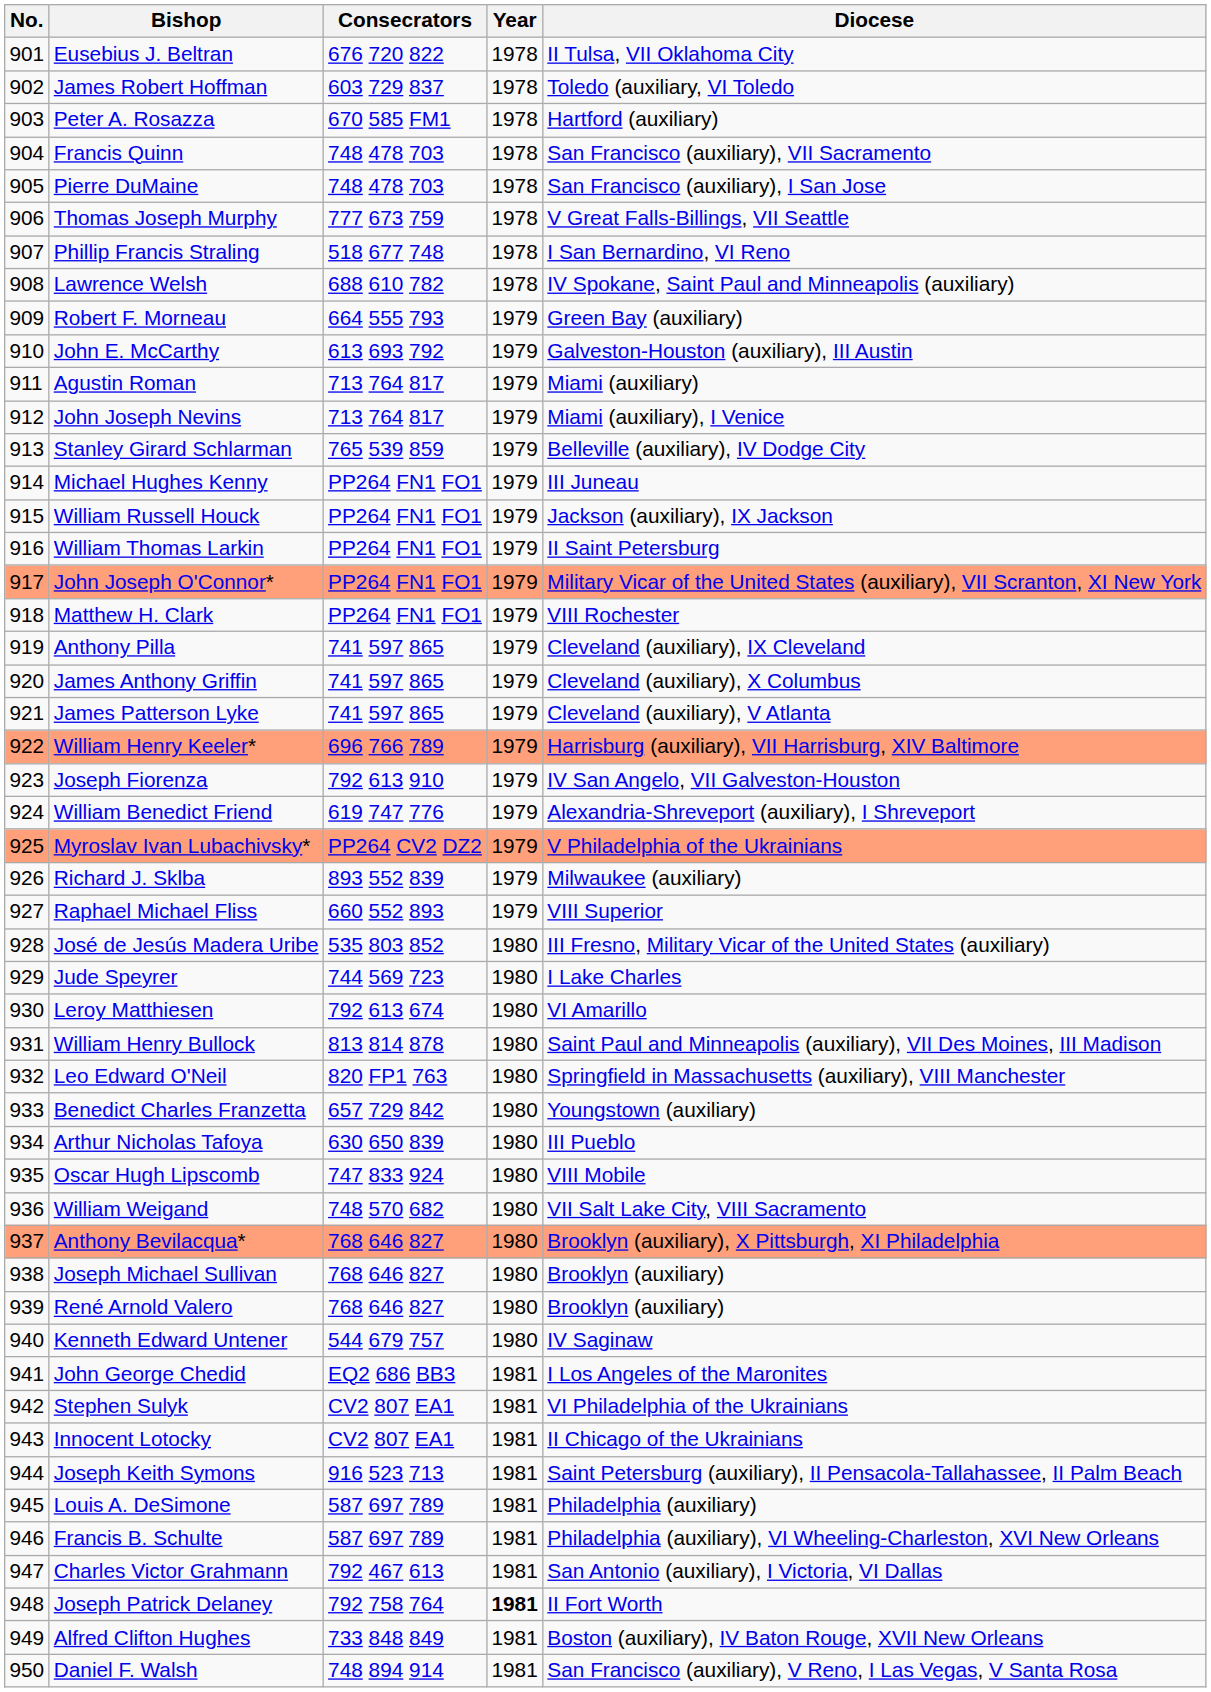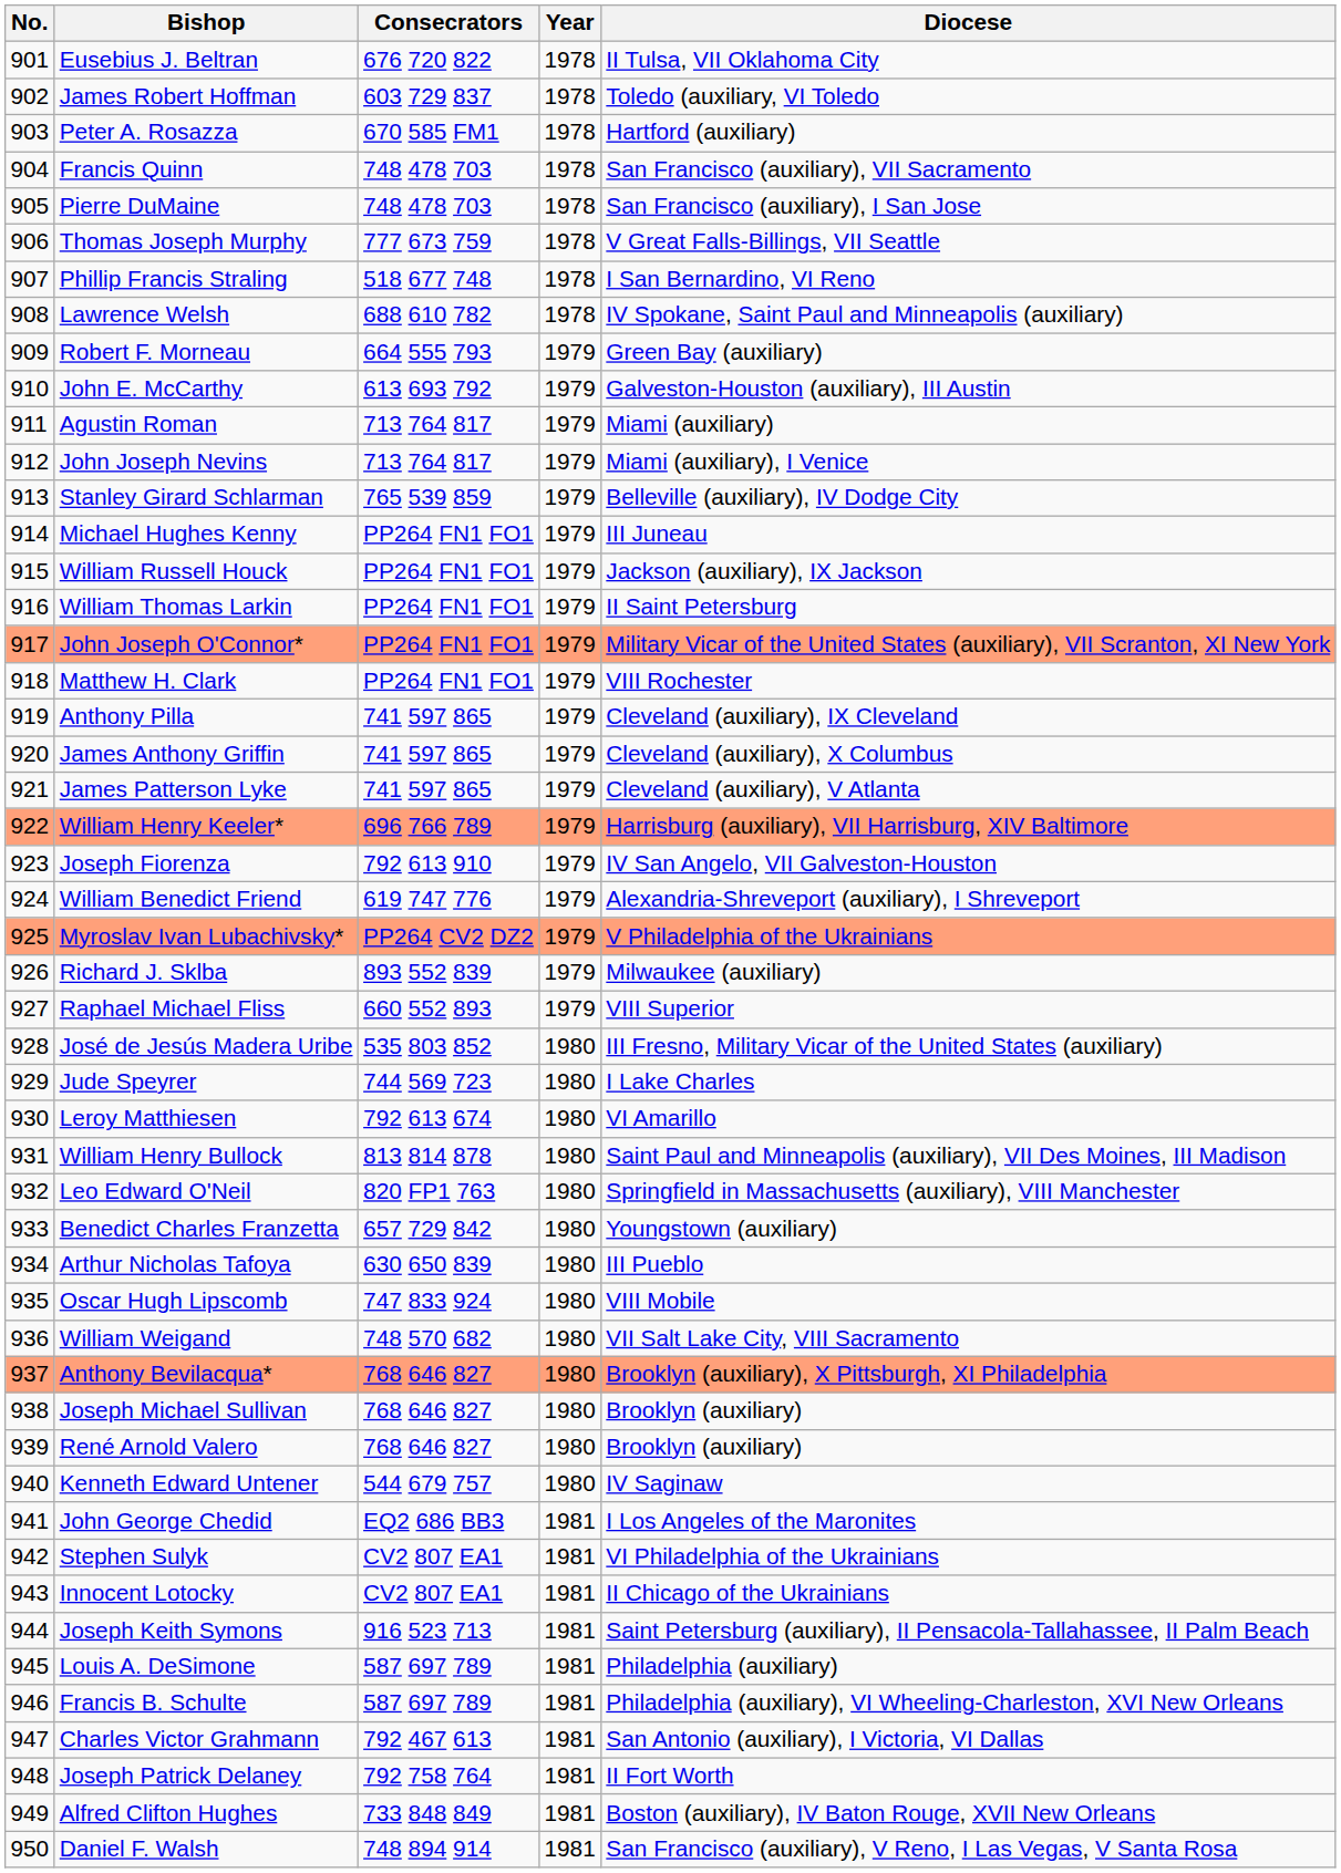 <table class="wikitable">
 <tr>
 <th>No.</th>
 <th>Bishop</th>
 <th>Consecrators</th>
 <th>Year</th>
 <th>Diocese</th>
 </tr>
 <tr>
 <td>901</td>
 <td><a href='#'>Eusebius J. Beltran</a></td>
 <td><a href='#'>676</a> <a href='#'>720</a> <a href='#'>822</a></td>
 <td>1978</td>
 <td><a href='#'>II Tulsa</a>, <a href='#'>VII Oklahoma City</a></td>
 </tr>
 <tr>
 <td>902</td>
 <td><a href='#'>James Robert Hoffman</a></td>
 <td><a href='#'>603</a> <a href='#'>729</a> <a href='#'>837</a></td>
 <td>1978</td>
 <td><a href='#'>Toledo</a> (auxiliary, <a href='#'>VI Toledo</a></td>
 </tr>
 <tr>
 <td>903</td>
 <td><a href='#'>Peter A. Rosazza</a></td>
 <td><a href='#'>670</a> <a href='#'>585</a> <a href='#'>FM1</a></td>
 <td>1978</td>
 <td><a href='#'>Hartford</a> (auxiliary)</td>
 </tr>
 <tr>
 <td>904</td>
 <td><a href='#'>Francis Quinn</a></td>
 <td><a href='#'>748</a> <a href='#'>478</a> <a href='#'>703</a></td>
 <td>1978</td>
 <td><a href='#'>San Francisco</a> (auxiliary), <a href='#'>VII Sacramento</a></td>
 </tr>
 <tr>
 <td>905</td>
 <td><a href='#'>Pierre DuMaine</a></td>
 <td><a href='#'>748</a> <a href='#'>478</a> <a href='#'>703</a></td>
 <td>1978</td>
 <td><a href='#'>San Francisco</a> (auxiliary), <a href='#'>I San Jose</a></td>
 </tr>
 <tr>
 <td>906</td>
 <td><a href='#'>Thomas Joseph Murphy</a></td>
 <td><a href='#'>777</a> <a href='#'>673</a> <a href='#'>759</a></td>
 <td>1978</td>
 <td><a href='#'>V Great Falls-Billings</a>, <a href='#'>VII Seattle</a></td>
 </tr>
 <tr>
 <td>907</td>
 <td><a href='#'>Phillip Francis Straling</a></td>
 <td><a href='#'>518</a> <a href='#'>677</a> <a href='#'>748</a></td>
 <td>1978</td>
 <td><a href='#'>I San Bernardino</a>, <a href='#'>VI Reno</a></td>
 </tr>
 <tr>
 <td>908</td>
 <td><a href='#'>Lawrence Welsh</a></td>
 <td><a href='#'>688</a> <a href='#'>610</a> <a href='#'>782</a></td>
 <td>1978</td>
 <td><a href='#'>IV Spokane</a>, <a href='#'>Saint Paul and Minneapolis</a> (auxiliary)</td>
 </tr>
 <tr>
 <td>909</td>
 <td><a href='#'>Robert F. Morneau</a></td>
 <td><a href='#'>664</a> <a href='#'>555</a> <a href='#'>793</a></td>
 <td>1979</td>
 <td><a href='#'>Green Bay</a> (auxiliary)</td>
 </tr>
 <tr>
 <td>910</td>
 <td><a href='#'>John E. McCarthy</a></td>
 <td><a href='#'>613</a> <a href='#'>693</a> <a href='#'>792</a></td>
 <td>1979</td>
 <td><a href='#'>Galveston-Houston</a> (auxiliary), <a href='#'>III Austin</a></td>
 </tr>
 <tr>
 <td>911</td>
 <td><a href='#'>Agustin Roman</a></td>
 <td><a href='#'>713</a> <a href='#'>764</a> <a href='#'>817</a></td>
 <td>1979</td>
 <td><a href='#'>Miami</a> (auxiliary)</td>
 </tr>
 <tr>
 <td>912</td>
 <td><a href='#'>John Joseph Nevins</a></td>
 <td><a href='#'>713</a> <a href='#'>764</a> <a href='#'>817</a></td>
 <td>1979</td>
 <td><a href='#'>Miami</a> (auxiliary), <a href='#'>I Venice</a></td>
 </tr>
 <tr>
 <td>913</td>
 <td><a href='#'>Stanley Girard Schlarman</a></td>
 <td><a href='#'>765</a> <a href='#'>539</a> <a href='#'>859</a></td>
 <td>1979</td>
 <td><a href='#'>Belleville</a> (auxiliary), <a href='#'>IV Dodge City</a></td>
 </tr>
 <tr>
 <td>914</td>
 <td><a href='#'>Michael Hughes Kenny</a></td>
 <td><a href='#'>PP264</a> <a href='#'>FN1</a> <a href='#'>FO1</a></td>
 <td>1979</td>
 <td><a href='#'>III Juneau</a></td>
 </tr>
 <tr>
 <td>915</td>
 <td><a href='#'>William Russell Houck</a></td>
 <td><a href='#'>PP264</a> <a href='#'>FN1</a> <a href='#'>FO1</a></td>
 <td>1979</td>
 <td><a href='#'>Jackson</a> (auxiliary), <a href='#'>IX Jackson</a></td>
 </tr>
 <tr>
 <td>916</td>
 <td><a href='#'>William Thomas Larkin</a></td>
 <td><a href='#'>PP264</a> <a href='#'>FN1</a> <a href='#'>FO1</a></td>
 <td>1979</td>
 <td><a href='#'>II Saint Petersburg</a></td>
 </tr>
 <tr bgcolor="#FFA07A">
 <td>917</td>
 <td><a href='#'>John Joseph O'Connor</a>*</td>
 <td><a href='#'>PP264</a> <a href='#'>FN1</a> <a href='#'>FO1</a></td>
 <td>1979</td>
 <td><a href='#'>Military Vicar of the United States</a> (auxiliary), <a href='#'>VII Scranton</a>, <a href='#'>XI New York</a></td>
 </tr>
 <tr>
 <td>918</td>
 <td><a href='#'>Matthew H. Clark</a></td>
 <td><a href='#'>PP264</a> <a href='#'>FN1</a> <a href='#'>FO1</a></td>
 <td>1979</td>
 <td><a href='#'>VIII Rochester</a></td>
 </tr>
 <tr>
 <td>919</td>
 <td><a href='#'>Anthony Pilla</a></td>
 <td><a href='#'>741</a> <a href='#'>597</a> <a href='#'>865</a></td>
 <td>1979</td>
 <td><a href='#'>Cleveland</a> (auxiliary), <a href='#'>IX Cleveland</a></td>
 </tr>
 <tr>
 <td>920</td>
 <td><a href='#'>James Anthony Griffin</a></td>
 <td><a href='#'>741</a> <a href='#'>597</a> <a href='#'>865</a></td>
 <td>1979</td>
 <td><a href='#'>Cleveland</a> (auxiliary), <a href='#'>X Columbus</a></td>
 </tr>
 <tr>
 <td>921</td>
 <td><a href='#'>James Patterson Lyke</a></td>
 <td><a href='#'>741</a> <a href='#'>597</a> <a href='#'>865</a></td>
 <td>1979</td>
 <td><a href='#'>Cleveland</a> (auxiliary), <a href='#'>V Atlanta</a></td>
 </tr>
 <tr bgcolor="#FFA07A">
 <td>922</td>
 <td><a href='#'>William Henry Keeler</a>*</td>
 <td><a href='#'>696</a> <a href='#'>766</a> <a href='#'>789</a></td>
 <td>1979</td>
 <td><a href='#'>Harrisburg</a> (auxiliary), <a href='#'>VII Harrisburg</a>, <a href='#'>XIV Baltimore</a></td>
 </tr>
 <tr>
 <td>923</td>
 <td><a href='#'>Joseph Fiorenza</a></td>
 <td><a href='#'>792</a> <a href='#'>613</a> <a href='#'>910</a></td>
 <td>1979</td>
 <td><a href='#'>IV San Angelo</a>, <a href='#'>VII Galveston-Houston</a></td>
 </tr>
 <tr>
 <td>924</td>
 <td><a href='#'>William Benedict Friend</a></td>
 <td><a href='#'>619</a> <a href='#'>747</a> <a href='#'>776</a></td>
 <td>1979</td>
 <td><a href='#'>Alexandria-Shreveport</a> (auxiliary), <a href='#'>I Shreveport</a></td>
 </tr>
 <tr bgcolor="#FFA07A">
 <td>925</td>
 <td><a href='#'>Myroslav Ivan Lubachivsky</a>*</td>
 <td><a href='#'>PP264</a> <a href='#'>CV2</a> <a href='#'>DZ2</a></td>
 <td>1979</td>
 <td><a href='#'>V Philadelphia of the Ukrainians</a></td>
 </tr>
 <tr>
 <td>926</td>
 <td><a href='#'>Richard J. Sklba</a></td>
 <td><a href='#'>893</a> <a href='#'>552</a> <a href='#'>839</a></td>
 <td>1979</td>
 <td><a href='#'>Milwaukee</a> (auxiliary)</td>
 </tr>
 <tr>
 <td>927</td>
 <td><a href='#'>Raphael Michael Fliss</a></td>
 <td><a href='#'>660</a> <a href='#'>552</a> <a href='#'>893</a></td>
 <td>1979</td>
 <td><a href='#'>VIII Superior</a></td>
 </tr>
 <tr>
 <td>928</td>
 <td><a href='#'>José de Jesús Madera Uribe</a></td>
 <td><a href='#'>535</a> <a href='#'>803</a> <a href='#'>852</a></td>
 <td>1980</td>
 <td><a href='#'>III Fresno</a>, <a href='#'>Military Vicar of the United States</a> (auxiliary)</td>
 </tr>
 <tr>
 <td>929</td>
 <td><a href='#'>Jude Speyrer</a></td>
 <td><a href='#'>744</a> <a href='#'>569</a> <a href='#'>723</a></td>
 <td>1980</td>
 <td><a href='#'>I Lake Charles</a></td>
 </tr>
 <tr>
 <td>930</td>
 <td><a href='#'>Leroy Matthiesen</a></td>
 <td><a href='#'>792</a> <a href='#'>613</a> <a href='#'>674</a></td>
 <td>1980</td>
 <td><a href='#'>VI Amarillo</a></td>
 </tr>
 <tr>
 <td>931</td>
 <td><a href='#'>William Henry Bullock</a></td>
 <td><a href='#'>813</a> <a href='#'>814</a> <a href='#'>878</a></td>
 <td>1980</td>
 <td><a href='#'>Saint Paul and Minneapolis</a> (auxiliary), <a href='#'>VII Des Moines</a>, <a href='#'>III Madison</a></td>
 </tr>
 <tr>
 <td>932</td>
 <td><a href='#'>Leo Edward O'Neil</a></td>
 <td><a href='#'>820</a> <a href='#'>FP1</a> <a href='#'>763</a></td>
 <td>1980</td>
 <td><a href='#'>Springfield in Massachusetts</a> (auxiliary), <a href='#'>VIII Manchester</a></td>
 </tr>
 <tr>
 <td>933</td>
 <td><a href='#'>Benedict Charles Franzetta</a></td>
 <td><a href='#'>657</a> <a href='#'>729</a> <a href='#'>842</a></td>
 <td>1980</td>
 <td><a href='#'>Youngstown</a> (auxiliary)</td>
 </tr>
 <tr>
 <td>934</td>
 <td><a href='#'>Arthur Nicholas Tafoya</a></td>
 <td><a href='#'>630</a> <a href='#'>650</a> <a href='#'>839</a></td>
 <td>1980</td>
 <td><a href='#'>III Pueblo</a></td>
 </tr>
 <tr>
 <td>935</td>
 <td><a href='#'>Oscar Hugh Lipscomb</a></td>
 <td><a href='#'>747</a> <a href='#'>833</a> <a href='#'>924</a></td>
 <td>1980</td>
 <td><a href='#'>VIII Mobile</a></td>
 </tr>
 <tr>
 <td>936</td>
 <td><a href='#'>William Weigand</a></td>
 <td><a href='#'>748</a> <a href='#'>570</a> <a href='#'>682</a></td>
 <td>1980</td>
 <td><a href='#'>VII Salt Lake City</a>, <a href='#'>VIII Sacramento</a></td>
 </tr>
 <tr bgcolor="#FFA07A">
 <td>937</td>
 <td><a href='#'>Anthony Bevilacqua</a>*</td>
 <td><a href='#'>768</a> <a href='#'>646</a> <a href='#'>827</a></td>
 <td>1980</td>
 <td><a href='#'>Brooklyn</a> (auxiliary), <a href='#'>X Pittsburgh</a>, <a href='#'>XI Philadelphia</a></td>
 </tr>
 <tr>
 <td>938</td>
 <td><a href='#'>Joseph Michael Sullivan</a></td>
 <td><a href='#'>768</a> <a href='#'>646</a> <a href='#'>827</a></td>
 <td>1980</td>
 <td><a href='#'>Brooklyn</a> (auxiliary)</td>
 </tr>
 <tr>
 <td>939</td>
 <td><a href='#'>René Arnold Valero</a></td>
 <td><a href='#'>768</a> <a href='#'>646</a> <a href='#'>827</a></td>
 <td>1980</td>
 <td><a href='#'>Brooklyn</a> (auxiliary)</td>
 </tr>
 <tr>
 <td>940</td>
 <td><a href='#'>Kenneth Edward Untener</a></td>
 <td><a href='#'>544</a> <a href='#'>679</a> <a href='#'>757</a></td>
 <td>1980</td>
 <td><a href='#'>IV Saginaw</a></td>
 </tr>
 <tr>
 <td>941</td>
 <td><a href='#'>John George Chedid</a></td>
 <td><a href='#'>EQ2</a> <a href='#'>686</a> <a href='#'>BB3</a></td>
 <td>1981</td>
 <td><a href='#'>I Los Angeles of the Maronites</a></td>
 </tr>
 <tr>
 <td>942</td>
 <td><a href='#'>Stephen Sulyk</a></td>
 <td><a href='#'>CV2</a> <a href='#'>807</a> <a href='#'>EA1</a></td>
 <td>1981</td>
 <td><a href='#'>VI Philadelphia of the Ukrainians</a></td>
 </tr>
 <tr>
 <td>943</td>
 <td><a href='#'>Innocent Lotocky</a></td>
 <td><a href='#'>CV2</a> <a href='#'>807</a> <a href='#'>EA1</a></td>
 <td>1981</td>
 <td><a href='#'>II Chicago of the Ukrainians</a></td>
 </tr>
 <tr>
 <td>944</td>
 <td><a href='#'>Joseph Keith Symons</a></td>
 <td><a href='#'>916</a> <a href='#'>523</a> <a href='#'>713</a></td>
 <td>1981</td>
 <td><a href='#'>Saint Petersburg</a> (auxiliary), <a href='#'>II Pensacola-Tallahassee</a>, <a href='#'>II Palm Beach</a></td>
 </tr>
 <tr>
 <td>945</td>
 <td><a href='#'>Louis A. DeSimone</a></td>
 <td><a href='#'>587</a> <a href='#'>697</a> <a href='#'>789</a></td>
 <td>1981</td>
 <td><a href='#'>Philadelphia</a> (auxiliary)</td>
 </tr>
 <tr>
 <td>946</td>
 <td><a href='#'>Francis B. Schulte</a></td>
 <td><a href='#'>587</a> <a href='#'>697</a> <a href='#'>789</a></td>
 <td>1981</td>
 <td><a href='#'>Philadelphia</a> (auxiliary), <a href='#'>VI Wheeling-Charleston</a>, <a href='#'>XVI New Orleans</a></td>
 </tr>
 <tr>
 <td>947</td>
 <td><a href='#'>Charles Victor Grahmann</a></td>
 <td><a href='#'>792</a> <a href='#'>467</a> <a href='#'>613</a></td>
 <td>1981</td>
 <td><a href='#'>San Antonio</a> (auxiliary), <a href='#'>I Victoria</a>, <a href='#'>VI Dallas</a></td>
 </tr>
 <tr>
 <td>948</td>
 <td><a href='#'>Joseph Patrick Delaney</a></td>
 <td><a href='#'>792</a> <a href='#'>758</a> <a href='#'>764</a></td>
-<td><strong>1981</strong></td>
+<td>1981</td>
 <td><a href='#'>II Fort Worth</a></td>
 </tr>
 <tr>
 <td>949</td>
 <td><a href='#'>Alfred Clifton Hughes</a></td>
 <td><a href='#'>733</a> <a href='#'>848</a> <a href='#'>849</a></td>
 <td>1981</td>
 <td><a href='#'>Boston</a> (auxiliary), <a href='#'>IV Baton Rouge</a>, <a href='#'>XVII New Orleans</a></td>
 </tr>
 <tr>
 <td>950</td>
 <td><a href='#'>Daniel F. Walsh</a></td>
 <td><a href='#'>748</a> <a href='#'>894</a> <a href='#'>914</a></td>
 <td>1981</td>
 <td><a href='#'>San Francisco</a> (auxiliary), <a href='#'>V Reno</a>, <a href='#'>I Las Vegas</a>, <a href='#'>V Santa Rosa</a></td>
 </tr>
 </table>
